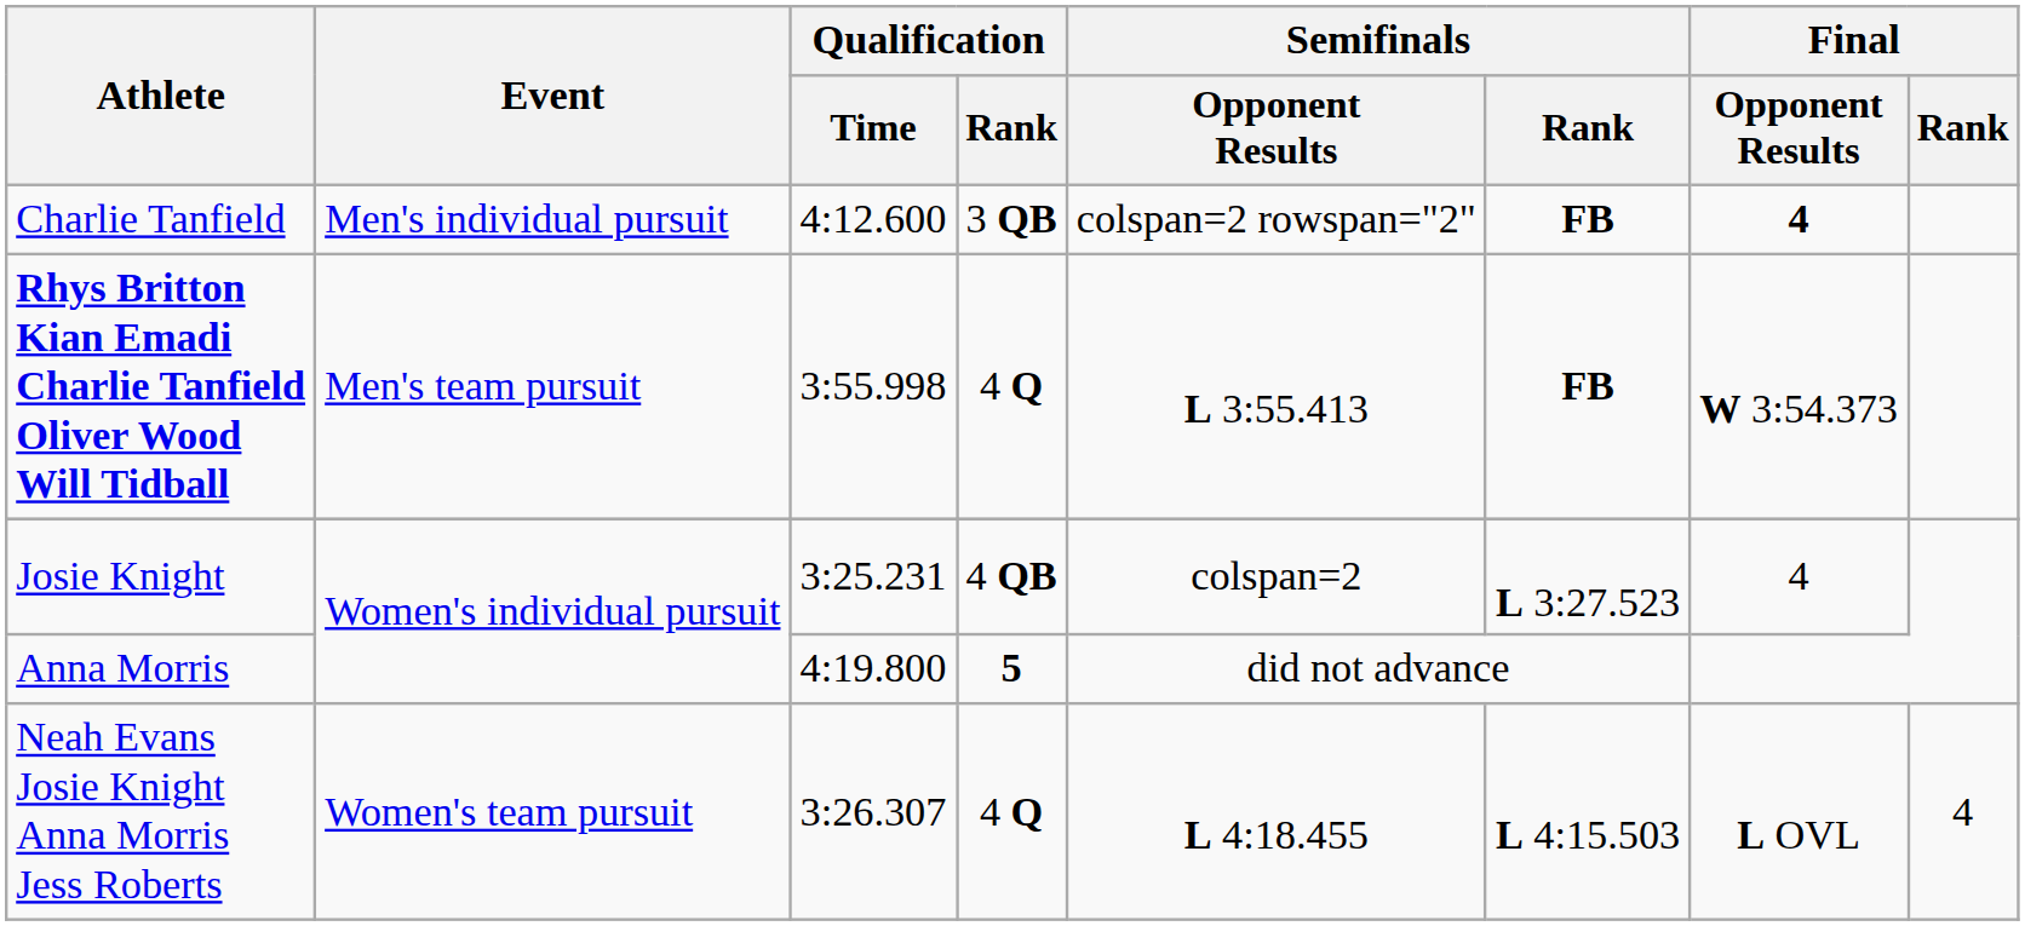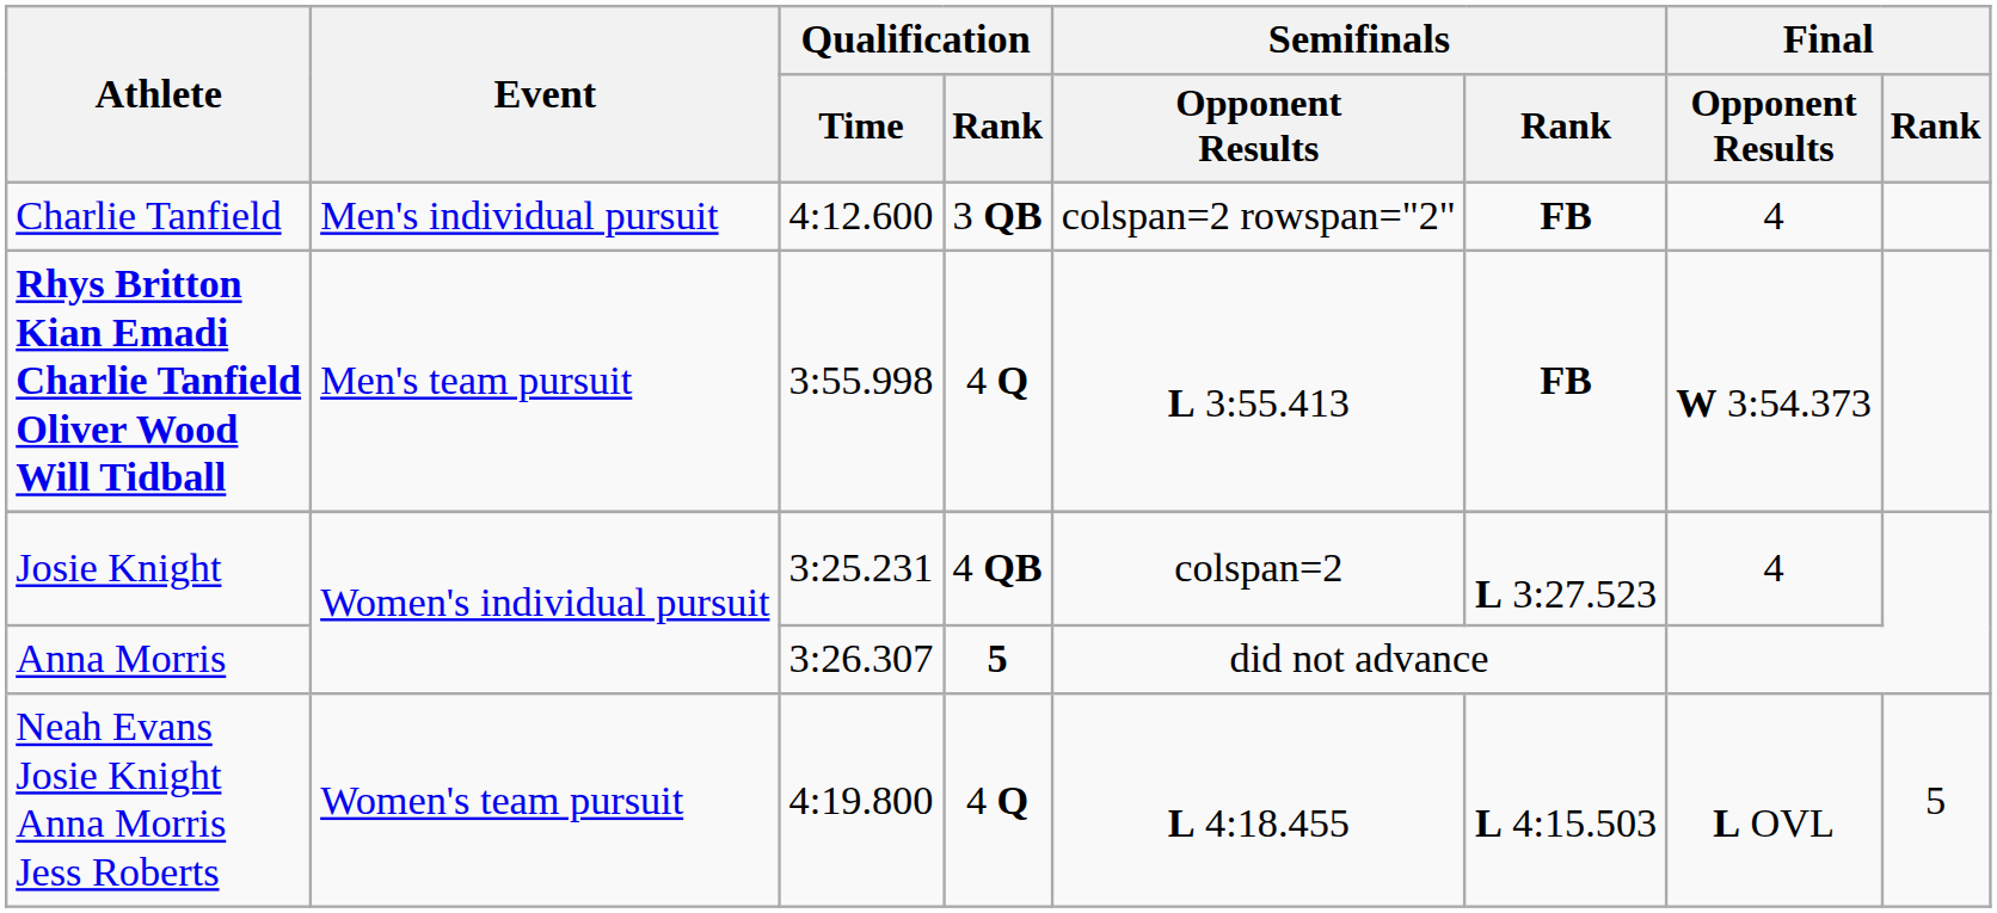 <table class=wikitable style=font-size:90%;text-align:center>
 <tr>
 <th rowspan=2>Athlete</th>
 <th rowspan=2>Event</th>
 <th colspan=2>Qualification</th>
 <th colspan=2>Semifinals</th>
 <th colspan=2>Final</th>
 </tr>
 <tr style=font-size:95%>
 <th>Time</th>
 <th>Rank</th>
 <th>Opponent<br>Results</th>
 <th>Rank</th>
 <th>Opponent<br>Results</th>
 <th>Rank</th>
 </tr>
 <tr align=center>
 <td align=left><a href='#'>Charlie Tanfield</a></td>
 <td align=left><a href='#'>Men's individual pursuit</a></td>
 <td>4:12.600</td>
 <td>3 <strong>QB</strong></td>
 <td>colspan=2 rowspan="2" </td>
 <td><strong>FB</strong></td>
-<td><strong>4</strong></td>
+<td>4</td>
 </tr>
 <tr>
 <td align=left><strong><a href='#'>Rhys Britton</a><br><a href='#'>Kian Emadi</a><br><a href='#'>Charlie Tanfield</a><br><a href='#'>Oliver Wood</a><br><a href='#'>Will Tidball</a></strong></td>
 <td align=left><a href='#'>Men's team pursuit</a></td>
 <td>3:55.998</td>
 <td>4 <strong>Q</strong></td>
 <td><br><strong>L</strong> 3:55.413</td>
 <td><strong>FB</strong></td>
 <td><br><strong>W</strong> 3:54.373</td>
 <td></td>
 </tr>
 <tr>
 </tr>
 <tr align=center>
 <td align=left><a href='#'>Josie Knight</a></td>
 <td align=left rowspan=2><a href='#'>Women's individual pursuit</a></td>
 <td>3:25.231</td>
 <td>4 <strong>QB</strong></td>
 <td>colspan=2 </td>
 <td><br><strong>L</strong> 3:27.523</td>
 <td>4</td>
 </tr>
 <tr>
 <td align=left><a href='#'>Anna Morris</a></td>
-<td>4:19.800</td>
+<td>3:26.307</td>
 <td><strong>5</strong></td>
 <td colspan=2>did not advance</td>
 </tr>
 <tr align=center>
 <td align=left><a href='#'>Neah Evans</a><br><a href='#'>Josie Knight</a><br><a href='#'>Anna Morris</a><br><a href='#'>Jess Roberts</a></td>
 <td align=left><a href='#'>Women's team pursuit</a></td>
-<td>3:26.307</td>
+<td>4:19.800</td>
 <td>4 <strong>Q</strong></td>
 <td><br><strong>L</strong> 4:18.455</td>
 <td><br><strong>L</strong> 4:15.503</td>
 <td><br><strong>L</strong> OVL</td>
-<td>4</td>
+<td>5</td>
 </tr>
 </table>
